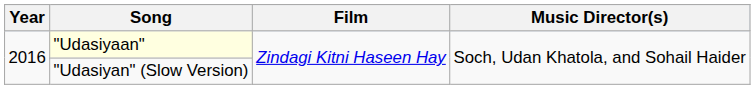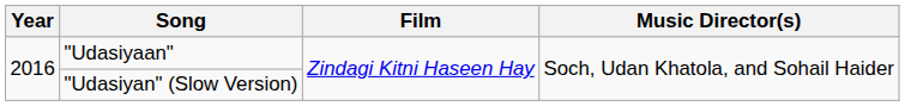 <table class="wikitable">
 <tr style="background:#b0c4de; text-align:center;">
 <th>Year</th>
 <th>Song</th>
 <th>Film</th>
 <th>Music Director(s)</th>
 </tr>
 <tr>
 <td rowspan=2>2016</td>
-<td style="background: lightyellow;">"Udasiyaan"</td>
+<td>"Udasiyaan"</td>
 <td rowspan=2><em><a href='#'>Zindagi Kitni Haseen Hay</a></em></td>
 <td rowspan=2>Soch, Udan Khatola, and Sohail Haider</td>
 </tr>
 <tr>
 <td>"Udasiyan" (Slow Version)</td>
 </tr>
 </table>
